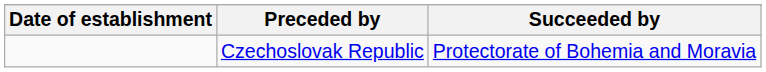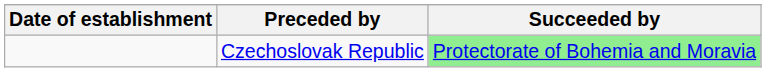 <table class="wikitable">
 <tr>
 </tr>
 <tr>
 <th>Date of establishment</th>
 <th>Preceded by</th>
 <th>Succeeded by</th>
 </tr>
 <tr>
 <td></td>
 <td> <a href='#'>Czechoslovak Republic</a></td>
-<td> <a href='#'>Protectorate of Bohemia and Moravia</a></td>
+<td style="background: lightgreen;"> <a href='#'>Protectorate of Bohemia and Moravia</a></td>
 </tr>
 </table>
